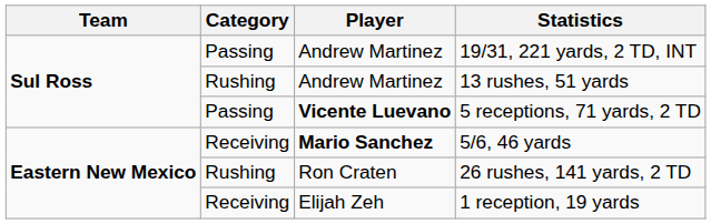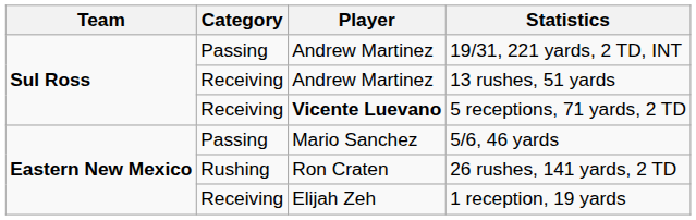 <table class="wikitable" style="float: right;">
 <tr>
 <th>Team</th>
 <th>Category</th>
 <th>Player</th>
 <th>Statistics</th>
 </tr>
 <tr>
 <td rowspan=3><strong>Sul Ross</strong></td>
 <td>Passing</td>
 <td>Andrew Martinez</td>
 <td>19/31, 221 yards, 2 TD, INT</td>
 </tr>
 <tr>
-<td>Rushing</td>
+<td>Receiving</td>
 <td>Andrew Martinez</td>
 <td>13 rushes, 51 yards</td>
 </tr>
 <tr>
-<td>Passing</td>
+<td>Receiving</td>
 <td><strong>Vicente Luevano</strong></td>
 <td>5 receptions, 71 yards, 2 TD</td>
 </tr>
 <tr>
 <td rowspan=3><strong>Eastern New Mexico</strong></td>
-<td>Receiving</td>
-<td><strong>Mario Sanchez</strong></td>
+<td>Passing</td>
+<td>Mario Sanchez</td>
 <td>5/6, 46 yards</td>
 </tr>
 <tr>
 <td>Rushing</td>
 <td>Ron Craten</td>
 <td>26 rushes, 141 yards, 2 TD</td>
 </tr>
 <tr>
 <td>Receiving</td>
 <td>Elijah Zeh</td>
 <td>1 reception, 19 yards</td>
 </tr>
 </table>
